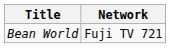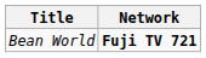 <table class="wikitable">
 <tr>
 <th>Title</th>
 <th>Network</th>
 </tr>
 <tr>
 <td><em>Bean World</em></td>
-<td>Fuji TV 721</td>
+<td><strong>Fuji TV 721</strong></td>
 </tr>
 </table>
